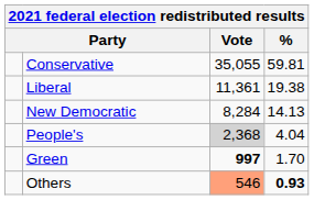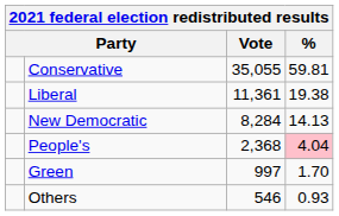 <table class="wikitable">
 <tr>
 <th colspan="4"><a href='#'>2021 federal election</a> redistributed results</th>
 </tr>
 <tr>
 <th bgcolor="#DDDDFF" width="130px" colspan="2">Party</th>
 <th bgcolor="#DDDDFF" width="50px">Vote</th>
 <th bgcolor="#DDDDFF" width="30px">%</th>
 </tr>
 <tr>
 <td> </td>
 <td><a href='#'>Conservative</a></td>
 <td align=right>35,055</td>
 <td align=right>59.81</td>
 </tr>
 <tr>
 <td> </td>
 <td><a href='#'>Liberal</a></td>
 <td align=right>11,361</td>
 <td align=right>19.38</td>
 </tr>
 <tr>
 <td> </td>
 <td><a href='#'>New Democratic</a></td>
 <td align=right>8,284</td>
 <td align=right>14.13</td>
 </tr>
 <tr>
 <td> </td>
 <td><a href='#'>People's</a></td>
-<td align=right style="background: lightgrey;">2,368</td>
-<td align=right>4.04</td>
+<td align=right>2,368</td>
+<td align=right style="background: pink;">4.04</td>
 </tr>
 <tr>
 <td> </td>
 <td><a href='#'>Green</a></td>
-<td align=right><strong>997</strong></td>
+<td align=right>997</td>
 <td align=right>1.70</td>
 </tr>
 <tr>
 <td> </td>
 <td>Others</td>
-<td align=right style="background: lightsalmon;">546</td>
-<td align=right><strong>0.93</strong></td>
+<td align=right>546</td>
+<td align=right>0.93</td>
 </tr>
 </table>
